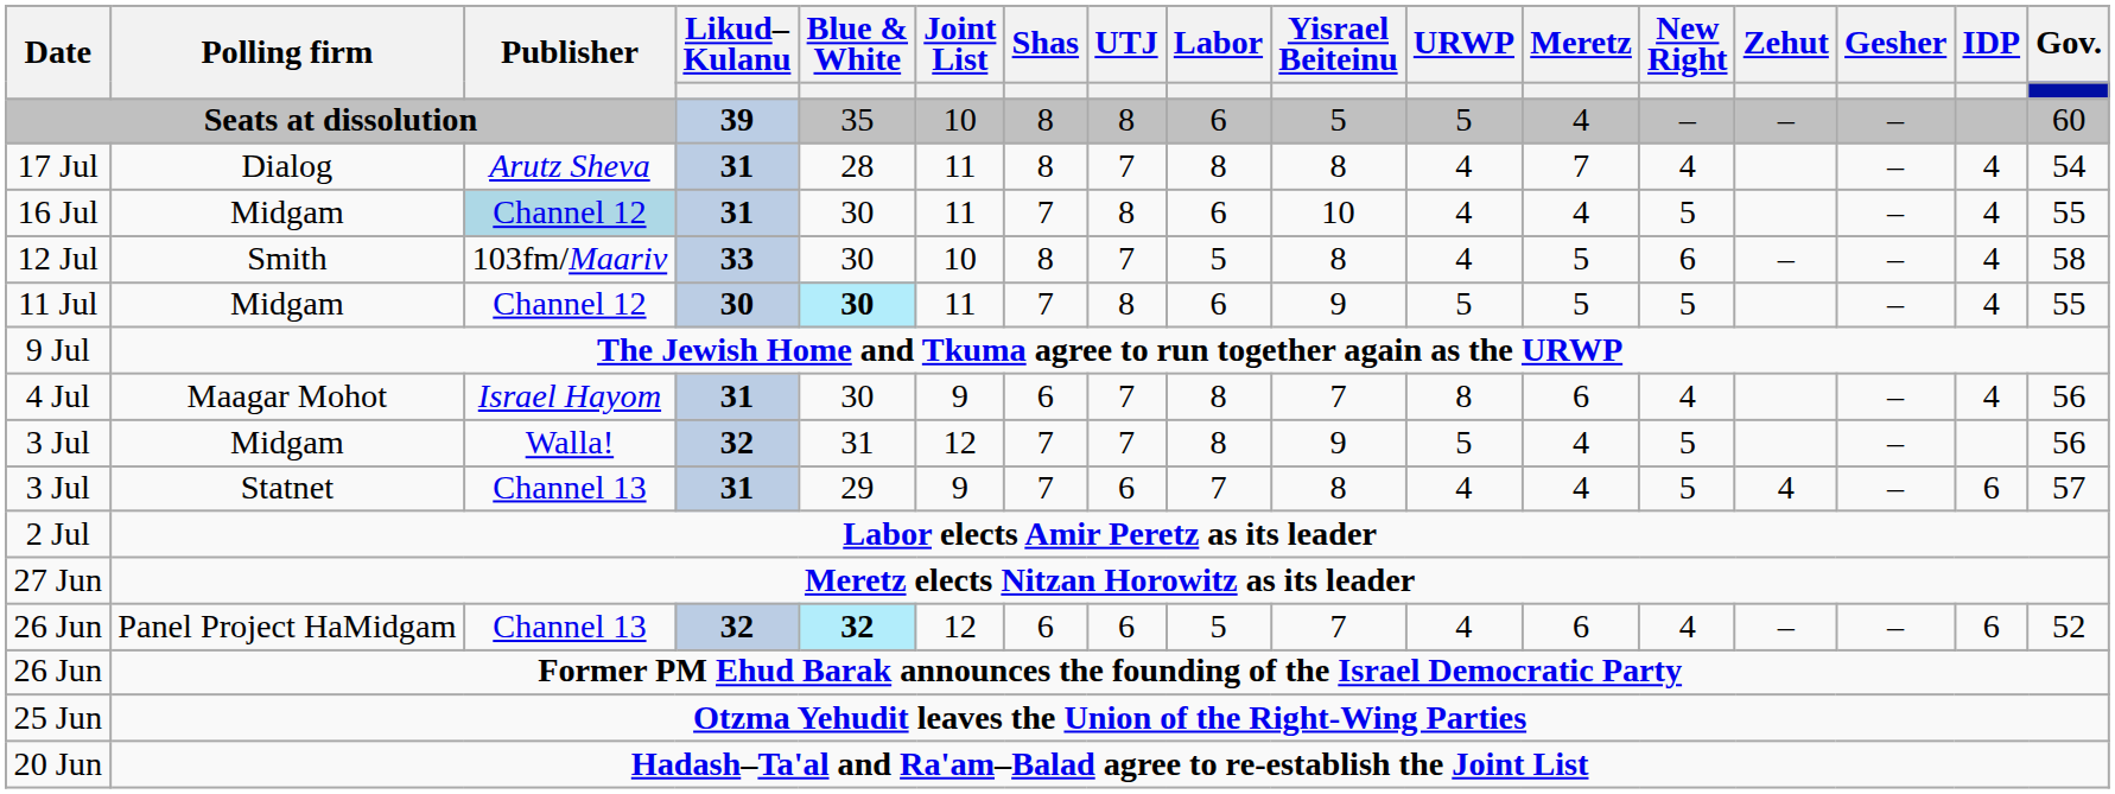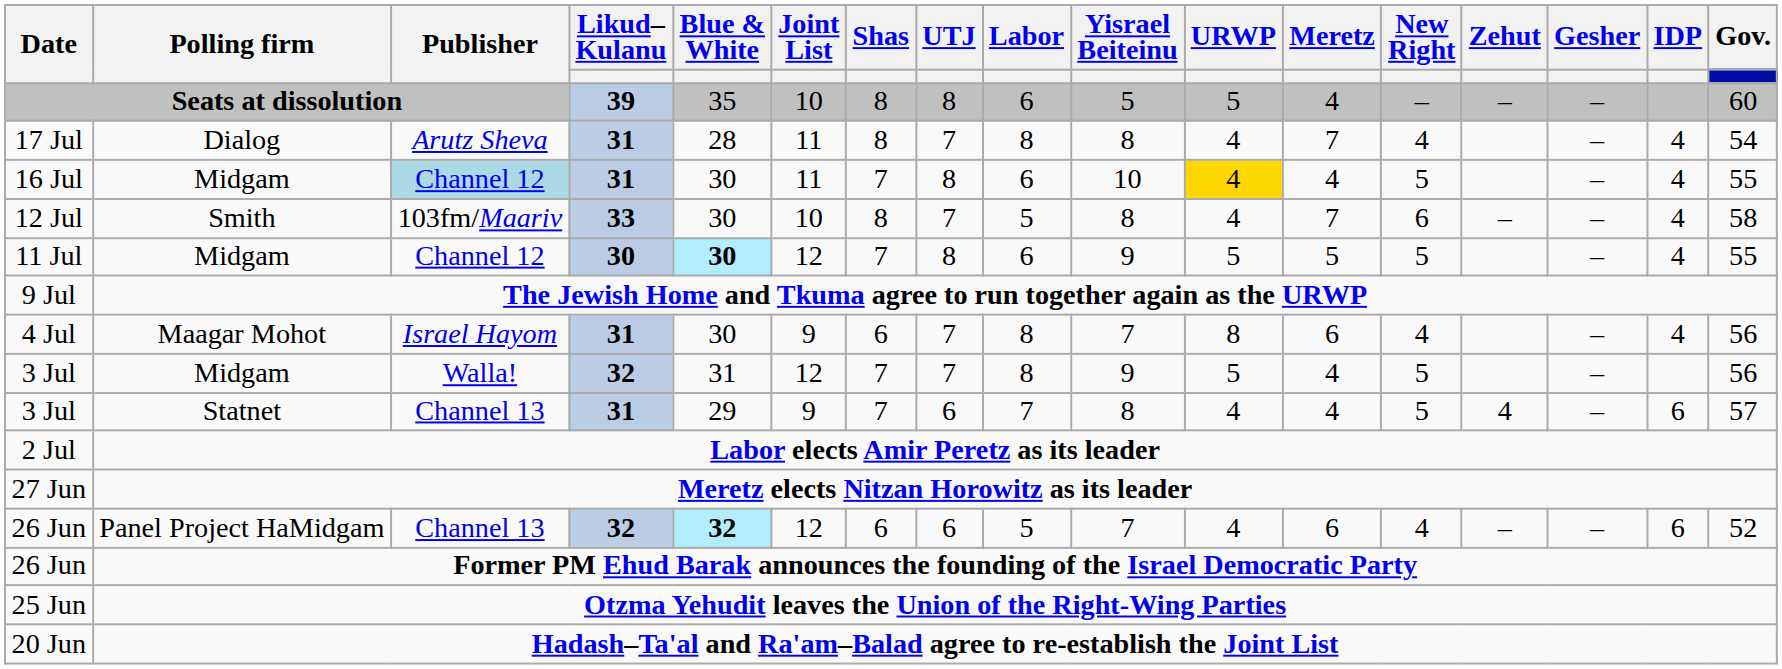 <table class="wikitable sortable" style="text-align:center;font-size:90%;line-height:13px">
 <tr>
 <th rowspan="2">Date</th>
 <th rowspan="2">Polling firm</th>
 <th rowspan="2">Publisher</th>
 <th><a href='#'>Likud</a>–<br><a href='#'>Kulanu</a></th>
 <th><a href='#'>Blue &<br>White</a></th>
 <th><a href='#'>Joint<br>List</a></th>
 <th><a href='#'>Shas</a></th>
 <th><a href='#'>UTJ</a></th>
 <th><a href='#'>Labor</a></th>
 <th><a href='#'>Yisrael<br>Beiteinu</a></th>
 <th><a href='#'>URWP</a></th>
 <th><a href='#'>Meretz</a></th>
 <th><a href='#'>New<br>Right</a></th>
 <th><a href='#'>Zehut</a></th>
 <th><a href='#'>Gesher</a></th>
 <th><a href='#'>IDP</a></th>
 <th>Gov.</th>
 </tr>
 <tr>
 <th style="background:"></th>
 <th style="background:"></th>
 <th style="background:"></th>
 <th style="background:"></th>
 <th style="background:"></th>
 <th style="background:"></th>
 <th style="background:"></th>
 <th style="background:"></th>
 <th style="background:"></th>
 <th style="background:"></th>
 <th style="background:"></th>
 <th style="background:"></th>
 <th style="background:"></th>
 <th style="background:#000EA3;"></th>
 </tr>
 <tr>
 <td style="background:silver" colspan=3><strong>Seats at dissolution</strong></td>
 <td style="background:#BBCDE4"><strong>39</strong>	</td>
 <td style="background:silver">35		</td>
 <td style="background:silver">10		</td>
 <td style="background:silver">8		</td>
 <td style="background:silver">8		</td>
 <td style="background:silver">6		</td>
 <td style="background:silver">5		</td>
 <td style="background:silver">5		</td>
 <td style="background:silver">4		</td>
 <td style="background:silver">–		</td>
 <td style="background:silver">–		</td>
 <td style="background:silver">–		</td>
 <td style="background:silver"></td>
 <td style="background:silver">60		</td>
 </tr>
 <tr>
 <td data-sort-value="2019-07-17">17 Jul</td>
 <td>Dialog</td>
 <td><em><a href='#'>Arutz Sheva</a></em></td>
 <td style="background:#BBCDE4"><strong>31</strong>	</td>
 <td>28					</td>
 <td>11					</td>
 <td>8					</td>
 <td>7					</td>
 <td>8					</td>
 <td>8					</td>
 <td>4					</td>
 <td>7					</td>
 <td>4					</td>
 <td>				</td>
 <td>–					</td>
 <td>4					</td>
 <td>54					</td>
 </tr>
 <tr>
 <td data-sort-value="2019-07-16">16 Jul</td>
 <td>Midgam</td>
 <td style="background: lightblue;"><a href='#'>Channel 12</a></td>
 <td style="background:#BBCDE4"><strong>31</strong>	</td>
 <td>30					</td>
 <td>11					</td>
 <td>7					</td>
 <td>8					</td>
 <td>6					</td>
 <td>10					</td>
-<td>4					</td>
+<td style="background: gold;">4					</td>
 <td>4					</td>
 <td>5					</td>
 <td>			</td>
 <td>–					</td>
 <td>4					</td>
 <td>55					</td>
 </tr>
 <tr>
 <td data-sort-value="2019-07-12">12 Jul</td>
 <td>Smith</td>
 <td>103fm/<em><a href='#'>Maariv</a></em></td>
 <td style="background:#BBCDE4"><strong>33</strong>	</td>
 <td>30					</td>
 <td>10					</td>
 <td>8					</td>
 <td>7					</td>
 <td>5					</td>
 <td>8					</td>
 <td>4					</td>
-<td>5					</td>
+<td>7					</td>
 <td>6					</td>
 <td>–					</td>
 <td>–					</td>
 <td>4					</td>
 <td>58					</td>
 </tr>
 <tr>
 <td data-sort-value="2019-07-11">11 Jul</td>
 <td>Midgam</td>
 <td><a href='#'>Channel 12</a></td>
 <td style="background:#BBCDE4"><strong>30</strong>	</td>
 <td style="background:#B2EDFB"><strong>30</strong>	</td>
-<td>11					</td>
+<td>12					</td>
 <td>7					</td>
 <td>8					</td>
 <td>6					</td>
 <td>9					</td>
 <td>5					</td>
 <td>5					</td>
 <td>5					</td>
 <td>			</td>
 <td>–					</td>
 <td>4					</td>
 <td>55					</td>
 </tr>
 <tr>
 <td data-sort-value="2019-07-09">9 Jul</td>
 <td colspan="16"><strong><a href='#'>The Jewish Home</a> and <a href='#'>Tkuma</a> agree to run together again as the <a href='#'>URWP</a></strong></td>
 </tr>
 <tr>
 <td data-sort-value="2019-07-04">4 Jul</td>
 <td>Maagar Mohot</td>
 <td><em><a href='#'>Israel Hayom</a></em></td>
 <td style="background:#BBCDE4"><strong>31</strong>	</td>
 <td>30					</td>
 <td>9					</td>
 <td>6					</td>
 <td>7					</td>
 <td>8					</td>
 <td>7					</td>
 <td>8					</td>
 <td>6					</td>
 <td>4					</td>
 <td>				</td>
 <td>–					</td>
 <td>4					</td>
 <td>56					</td>
 </tr>
 <tr>
 <td data-sort-value="2019-07-03">3 Jul</td>
 <td>Midgam</td>
 <td><a href='#'>Walla!</a></td>
 <td style="background:#BBCDE4"><strong>32</strong>	</td>
 <td>31					</td>
 <td>12					</td>
 <td>7					</td>
 <td>7					</td>
 <td>8					</td>
 <td>9					</td>
 <td>5					</td>
 <td>4					</td>
 <td>5					</td>
 <td>			</td>
 <td>–					</td>
 <td>				</td>
 <td>56					</td>
 </tr>
 <tr>
 <td data-sort-value="2019-07-03">3 Jul</td>
 <td>Statnet</td>
 <td><a href='#'>Channel 13</a></td>
 <td style="background:#BBCDE4"><strong>31</strong>	</td>
 <td>29					</td>
 <td>9					</td>
 <td>7					</td>
 <td>6					</td>
 <td>7					</td>
 <td>8					</td>
 <td>4					</td>
 <td>4					</td>
 <td>5					</td>
 <td>4					</td>
 <td>–					</td>
 <td>6					</td>
 <td>57					</td>
 </tr>
 <tr>
 <td data-sort-value="2019-07-02">2 Jul</td>
 <td colspan="16"><strong><a href='#'>Labor</a> elects <a href='#'>Amir Peretz</a> as its leader</strong></td>
 </tr>
 <tr>
 <td data-sort-value="2019-06-27">27 Jun</td>
 <td colspan="16"><strong><a href='#'>Meretz</a> elects <a href='#'>Nitzan Horowitz</a> as its leader</strong></td>
 </tr>
 <tr>
 <td data-sort-value="2019-06-26">26 Jun</td>
 <td>Panel Project HaMidgam</td>
 <td><a href='#'>Channel 13</a></td>
 <td style="background:#BBCDE4"><strong>32</strong>	</td>
 <td style="background:#B2EDFB"><strong>32</strong>	</td>
 <td>12					</td>
 <td>6					</td>
 <td>6					</td>
 <td>5					</td>
 <td>7					</td>
 <td>4					</td>
 <td>6					</td>
 <td>4					</td>
 <td>–					</td>
 <td>–					</td>
 <td>6					</td>
 <td>52					</td>
 </tr>
 <tr>
 <td data-sort-value="2019-06-26">26 Jun</td>
 <td colspan="16"><strong>Former PM <a href='#'>Ehud Barak</a> announces the founding of the <a href='#'>Israel Democratic Party</a></strong></td>
 </tr>
 <tr>
 <td data-sort-value="2019-06-25">25 Jun</td>
 <td colspan="16"><strong><a href='#'>Otzma Yehudit</a> leaves the <a href='#'>Union of the Right-Wing Parties</a></strong></td>
 </tr>
 <tr>
 <td data-sort-value="2019-06-20">20 Jun</td>
 <td colspan="16"><strong><a href='#'>Hadash</a>–<a href='#'>Ta'al</a> and <a href='#'>Ra'am</a>–<a href='#'>Balad</a> agree to re-establish the <a href='#'>Joint List</a></strong></td>
 </tr>
 </table>
